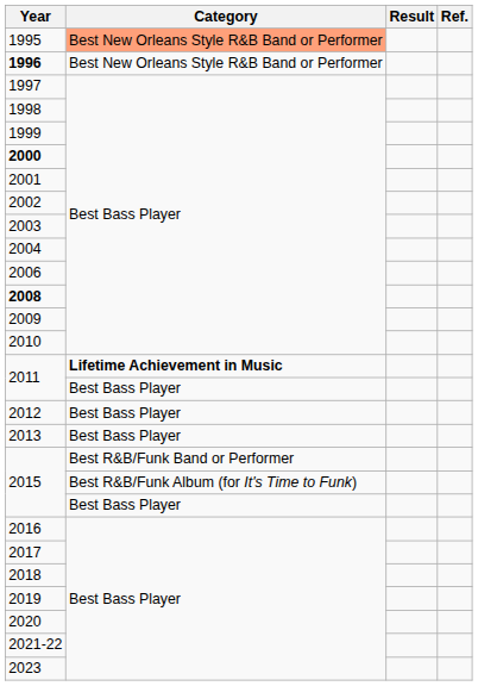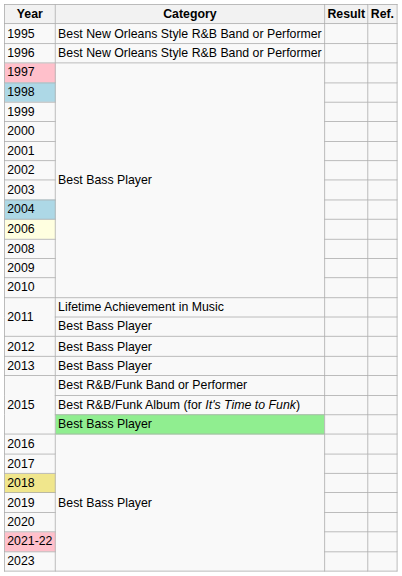 <table class="wikitable">
 <tr>
 <th>Year</th>
 <th>Category</th>
 <th>Result</th>
 <th>Ref.</th>
 </tr>
 <tr>
 <td>1995</td>
-<td style="background: lightsalmon;">Best New Orleans Style R&B Band or Performer</td>
-<td></td>
-<td></td>
-</tr>
-<tr>
-<td><strong>1996</strong></td>
 <td>Best New Orleans Style R&B Band or Performer</td>
 <td></td>
 <td></td>
 </tr>
 <tr>
-<td>1997</td>
+<td>1996</td>
+<td>Best New Orleans Style R&B Band or Performer</td>
+<td></td>
+<td></td>
+</tr>
+<tr>
+<td style="background: pink;">1997</td>
 <td rowspan="12">Best Bass Player</td>
 <td></td>
 <td></td>
 </tr>
 <tr>
-<td>1998</td>
+<td style="background: lightblue;">1998</td>
 <td></td>
 <td></td>
 </tr>
 <tr>
 <td>1999</td>
 <td></td>
 <td></td>
 </tr>
 <tr>
-<td><strong>2000</strong></td>
+<td>2000</td>
 <td></td>
 <td></td>
 </tr>
 <tr>
 <td>2001</td>
 <td></td>
 <td></td>
 </tr>
 <tr>
 <td>2002</td>
 <td></td>
 <td></td>
 </tr>
 <tr>
 <td>2003</td>
 <td></td>
 <td></td>
 </tr>
 <tr>
-<td>2004</td>
+<td style="background: lightblue;">2004</td>
 <td></td>
 <td></td>
 </tr>
 <tr>
-<td>2006</td>
+<td style="background: lightyellow;">2006</td>
 <td></td>
 <td></td>
 </tr>
 <tr>
-<td><strong>2008</strong></td>
+<td>2008</td>
 <td></td>
 <td></td>
 </tr>
 <tr>
 <td>2009</td>
 <td></td>
 <td></td>
 </tr>
 <tr>
 <td>2010</td>
 <td></td>
 <td></td>
 </tr>
 <tr>
 <td rowspan="2">2011</td>
-<td><strong>Lifetime Achievement in Music</strong></td>
+<td>Lifetime Achievement in Music</td>
 <td></td>
 <td></td>
 </tr>
 <tr>
 <td>Best Bass Player</td>
 <td></td>
 <td></td>
 </tr>
 <tr>
 <td>2012</td>
 <td>Best Bass Player</td>
 <td></td>
 <td></td>
 </tr>
 <tr>
 <td>2013</td>
 <td>Best Bass Player</td>
 <td></td>
 <td></td>
 </tr>
 <tr>
 <td rowspan="3">2015</td>
 <td>Best R&B/Funk Band or Performer</td>
 <td></td>
 <td></td>
 </tr>
 <tr>
 <td>Best R&B/Funk Album (for <em>It's Time to Funk</em>)</td>
 <td></td>
 <td></td>
 </tr>
 <tr>
-<td>Best Bass Player</td>
+<td style="background: lightgreen;">Best Bass Player</td>
 <td></td>
 <td></td>
 </tr>
 <tr>
 <td>2016</td>
 <td rowspan="7">Best Bass Player</td>
 <td></td>
 <td></td>
 </tr>
 <tr>
 <td>2017</td>
 <td></td>
 <td></td>
 </tr>
 <tr>
-<td>2018</td>
+<td style="background: khaki;">2018</td>
 <td></td>
 <td></td>
 </tr>
 <tr>
 <td>2019</td>
 <td></td>
 <td></td>
 </tr>
 <tr>
 <td>2020</td>
 <td></td>
 <td></td>
 </tr>
 <tr>
-<td>2021-22</td>
+<td style="background: pink;">2021-22</td>
 <td></td>
 <td></td>
 </tr>
 <tr>
 <td>2023</td>
 <td></td>
 <td></td>
 </tr>
 </table>
